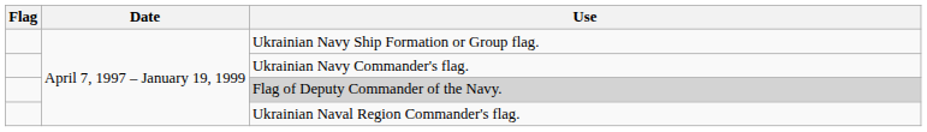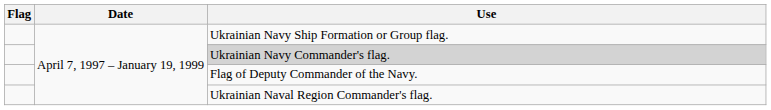 <table class="wikitable">
 <tr>
 <th>Flag</th>
 <th>Date</th>
 <th style="width:700px;">Use</th>
 </tr>
 <tr>
 <td></td>
 <td rowspan="4">April 7, 1997  – January 19, 1999</td>
 <td>Ukrainian Navy Ship Formation or Group flag.</td>
 </tr>
 <tr>
 <td></td>
-<td>Ukrainian Navy Commander's flag.</td>
+<td style="background: lightgrey;">Ukrainian Navy Commander's flag.</td>
 </tr>
 <tr>
 <td></td>
-<td style="background: lightgrey;">Flag of Deputy Commander of the Navy.</td>
+<td>Flag of Deputy Commander of the Navy.</td>
 </tr>
 <tr>
 <td></td>
 <td>Ukrainian Naval Region Commander's flag.</td>
 </tr>
 </table>
